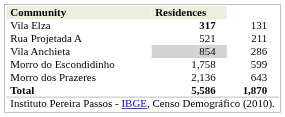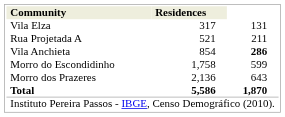 <table style="border:1px #AAA solid;padding:2px;font-size:90%;margin:0 20px"  Border=0 Cellpadding=0 Cellspacing=0>
 <tr style="font-weight:bold;background:#eed">
 <td style="padding:0 5px">Community</td>
 <td style="padding:0 5px;text-align:ri[ight">Residences</td>
 </tr>
 <tr>
 <td style="padding:0 5px">Vila Elza</td>
-<td style="padding:0 15px 0 5px;text-align:right"><strong>317</strong></td>
+<td style="padding:0 15px 0 5px;text-align:right">317</td>
 <td style="padding:0 15px 0 5px;text-align:right">131</td>
 </tr>
 <tr>
 <td style="padding:0 5px">Rua Projetada A</td>
 <td style="padding:0 15px 0 5px;text-align:right">521</td>
 <td style="padding:0 15px 0 5px;text-align:right">211</td>
 </tr>
 <tr>
 <td style="padding:0 5px">Vila Anchieta</td>
-<td style="background: lightgrey; padding:0 15px 0 5px;text-align:right">854</td>
-<td style="padding:0 15px 0 5px;text-align:right">286</td>
+<td style="padding:0 15px 0 5px;text-align:right">854</td>
+<td style="padding:0 15px 0 5px;text-align:right"><strong>286</strong></td>
 </tr>
 <tr>
 <td style="padding:0 5px">Morro do Escondidinho</td>
 <td style="padding:0 15px 0 5px;text-align:right">1,758</td>
 <td style="padding:0 15px 0 5px;text-align:right">599</td>
 </tr>
 <tr>
 <td style="padding:0 5px">Morro dos Prazeres</td>
 <td style="padding:0 15px 0 5px;text-align:right">2,136</td>
 <td style="padding:0 15px 0 5px;text-align:right">643</td>
 </tr>
 <tr style="font-weight:bold">
 <td style="padding:0 5px">Total</td>
 <td style="padding:0 15px 0 5px;text-align:right">5,586</td>
 <td style="padding:0 15px 0 5px;text-align:right">1,870</td>
 </tr>
 <tr>
 <td colspan=3 style="padding:0 5px;border-top:1px #aaa solid">Instituto Pereira Passos - <a href='#'>IBGE</a>, Censo Demográfico (2010).</td>
 </tr>
 </table>
